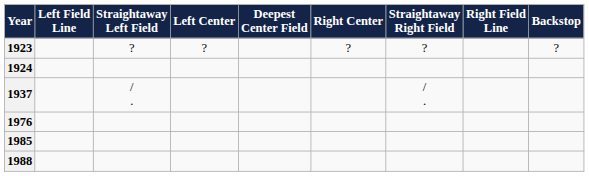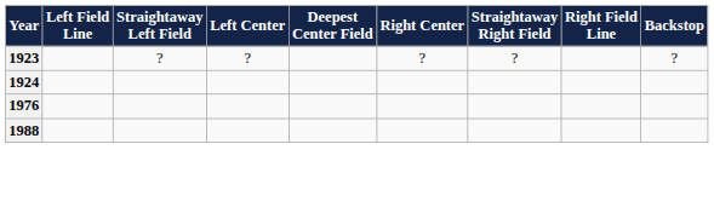 <table class="wikitable sortable" size="100%;" style="font-style:bold; border:3px;">
 <tr style="text-align:center">
 <th style="background:#132448;color:#FFFFFF;">Year</th>
 <th style="background:#132448;color:#FFFFFF;">Left Field<br>Line</th>
 <th style="background:#132448;color:#FFFFFF;">Straightaway<br>Left Field</th>
 <th style="background:#132448;color:#FFFFFF;">Left Center</th>
 <th style="background:#132448;color:#FFFFFF;">Deepest<br>Center Field</th>
 <th style="background:#132448;color:#FFFFFF;">Right Center</th>
 <th style="background:#132448;color:#FFFFFF;">Straightaway<br>Right Field</th>
 <th style="background:#132448;color:#FFFFFF;">Right Field<br>Line</th>
 <th style="background:#132448;color:#FFFFFF;">Backstop</th>
 </tr>
 <tr style="text-align:center;">
 <th>1923</th>
 <td></td>
 <td>?</td>
 <td>?</td>
 <td></td>
 <td>?</td>
 <td>?</td>
 <td></td>
 <td>?</td>
 </tr>
 <tr style="text-align:center;">
 <th>1924</th>
 <td></td>
 <td></td>
 <td></td>
 <td></td>
 <td></td>
 <td></td>
 <td></td>
 <td></td>
 </tr>
 <tr style="text-align:center;">
-<th>1937</th>
-<td></td>
-<td> /<br> .</td>
-<td></td>
-<td></td>
-<td></td>
-<td> /<br> .</td>
-<td></td>
-<td></td>
-</tr>
-<tr style="text-align:center;">
 <th>1976</th>
-<td></td>
-<td></td>
-<td></td>
-<td></td>
-<td></td>
-<td></td>
-<td></td>
-<td></td>
-</tr>
-<tr style="text-align:center;">
-<th>1985</th>
 <td></td>
 <td></td>
 <td></td>
 <td></td>
 <td></td>
 <td></td>
 <td></td>
 <td></td>
 </tr>
 <tr style="text-align:center;">
 <th>1988</th>
 <td></td>
 <td></td>
 <td></td>
 <td></td>
 <td></td>
 <td></td>
 <td></td>
 <td></td>
 </tr>
 </table>
